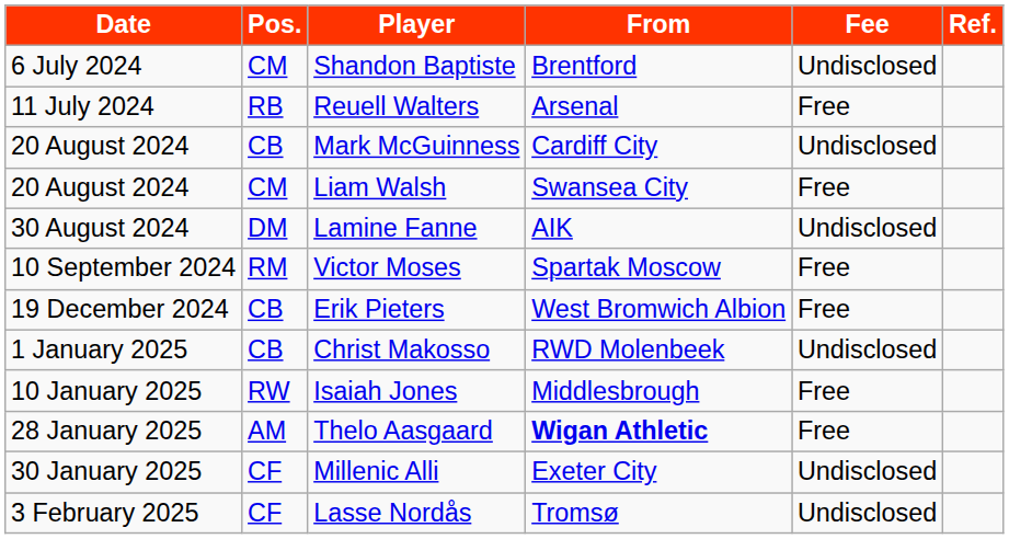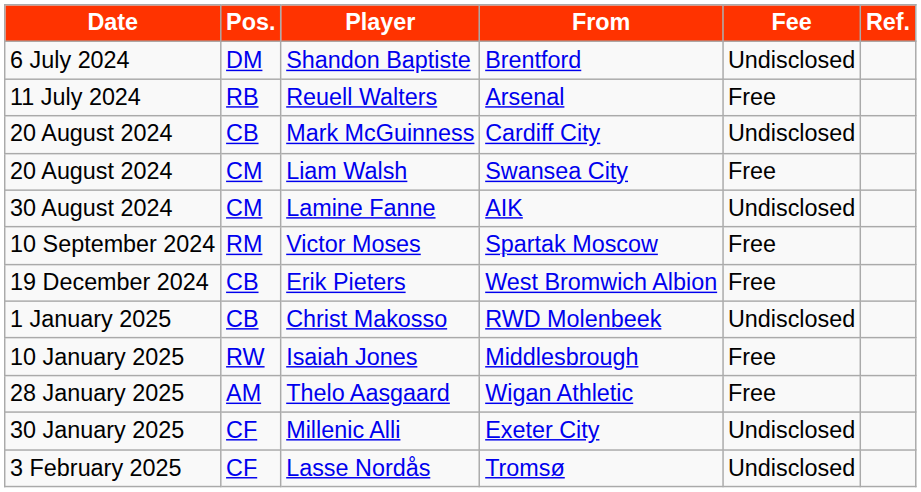 <table class="wikitable plainrowheaders sortable">
 <tr>
 <th style="background-color:#FF3300; color:white; ">Date</th>
 <th style="background-color:#FF3300; color:white; ">Pos.</th>
 <th style="background-color:#FF3300; color:white; ">Player</th>
 <th style="background-color:#FF3300; color:white; ">From</th>
 <th style="background-color:#FF3300; color:white; ">Fee</th>
 <th style="background-color:#FF3300; color:white; ">Ref.</th>
 </tr>
 <tr>
 <td>6 July 2024</td>
-<td><a href='#'>CM</a></td>
+<td><a href='#'>DM</a></td>
 <td> <a href='#'>Shandon Baptiste</a></td>
 <td> <a href='#'>Brentford</a></td>
 <td>Undisclosed</td>
 <td></td>
 </tr>
 <tr>
 <td>11 July 2024</td>
 <td><a href='#'>RB</a></td>
 <td> <a href='#'>Reuell Walters</a></td>
 <td> <a href='#'>Arsenal</a></td>
 <td>Free</td>
 <td></td>
 </tr>
 <tr>
 <td>20 August 2024</td>
 <td><a href='#'>CB</a></td>
 <td> <a href='#'>Mark McGuinness</a></td>
 <td> <a href='#'>Cardiff City</a></td>
 <td>Undisclosed</td>
 <td></td>
 </tr>
 <tr>
 <td>20 August 2024</td>
 <td><a href='#'>CM</a></td>
 <td> <a href='#'>Liam Walsh</a></td>
 <td> <a href='#'>Swansea City</a></td>
 <td>Free</td>
 <td></td>
 </tr>
 <tr>
 <td>30 August 2024</td>
-<td><a href='#'>DM</a></td>
+<td><a href='#'>CM</a></td>
 <td> <a href='#'>Lamine Fanne</a></td>
 <td> <a href='#'>AIK</a></td>
 <td>Undisclosed</td>
 <td></td>
 </tr>
 <tr>
 <td>10 September 2024</td>
 <td><a href='#'>RM</a></td>
 <td> <a href='#'>Victor Moses</a></td>
 <td> <a href='#'>Spartak Moscow</a></td>
 <td>Free</td>
 <td></td>
 </tr>
 <tr>
 <td>19 December 2024</td>
 <td><a href='#'>CB</a></td>
 <td> <a href='#'>Erik Pieters</a></td>
 <td> <a href='#'>West Bromwich Albion</a></td>
 <td>Free</td>
 <td></td>
 </tr>
 <tr>
 <td>1 January 2025</td>
 <td><a href='#'>CB</a></td>
 <td> <a href='#'>Christ Makosso</a></td>
 <td> <a href='#'>RWD Molenbeek</a></td>
 <td>Undisclosed</td>
 <td></td>
 </tr>
 <tr>
 <td>10 January 2025</td>
 <td><a href='#'>RW</a></td>
 <td> <a href='#'>Isaiah Jones</a></td>
 <td> <a href='#'>Middlesbrough</a></td>
 <td>Free</td>
 <td></td>
 </tr>
 <tr>
 <td>28 January 2025</td>
 <td><a href='#'>AM</a></td>
 <td> <a href='#'>Thelo Aasgaard</a></td>
-<td><strong> <a href='#'>Wigan Athletic</a></strong></td>
+<td> <a href='#'>Wigan Athletic</a></td>
 <td>Free</td>
 <td></td>
 </tr>
 <tr>
 <td>30 January 2025</td>
 <td><a href='#'>CF</a></td>
 <td> <a href='#'>Millenic Alli</a></td>
 <td> <a href='#'>Exeter City</a></td>
 <td>Undisclosed</td>
 <td></td>
 </tr>
 <tr>
 <td>3 February 2025</td>
 <td><a href='#'>CF</a></td>
 <td> <a href='#'>Lasse Nordås</a></td>
 <td> <a href='#'>Tromsø</a></td>
 <td>Undisclosed</td>
 <td></td>
 </tr>
 </table>
